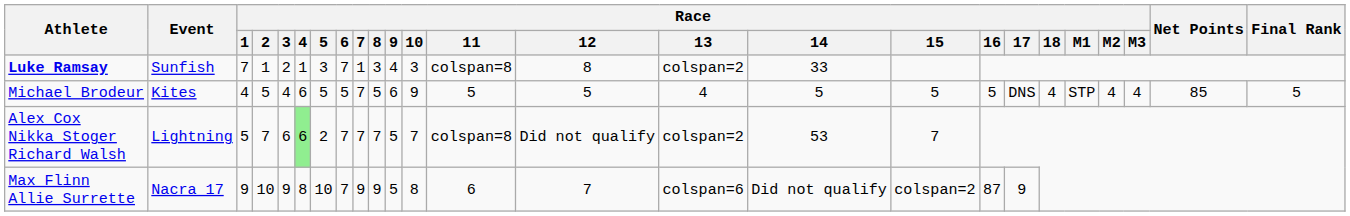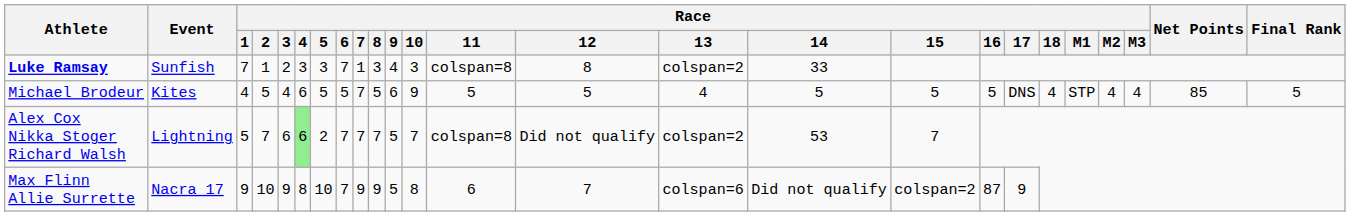 <table class="wikitable" style="font-size:90%">
 <tr>
 <th rowspan=2>Athlete</th>
 <th rowspan=2>Event</th>
 <th colspan=21>Race</th>
 <th rowspan=2>Net Points</th>
 <th rowspan=2>Final Rank</th>
 </tr>
 <tr>
 <th>1</th>
 <th>2</th>
 <th>3</th>
 <th>4</th>
 <th>5</th>
 <th>6</th>
 <th>7</th>
 <th>8</th>
 <th>9</th>
 <th>10</th>
 <th>11</th>
 <th>12</th>
 <th>13</th>
 <th>14</th>
 <th>15</th>
 <th>16</th>
 <th>17</th>
 <th>18</th>
 <th>M1</th>
 <th>M2</th>
 <th>M3</th>
 </tr>
 <tr align=center>
 <td align=left><strong><a href='#'>Luke Ramsay</a></strong></td>
 <td align=left><a href='#'>Sunfish</a></td>
 <td>7</td>
 <td>1</td>
 <td>2</td>
-<td>1</td>
+<td>3</td>
 <td>3</td>
 <td>7</td>
 <td>1</td>
 <td>3</td>
 <td>4</td>
 <td>3</td>
 <td>colspan=8 </td>
 <td>8</td>
 <td>colspan=2 </td>
 <td>33</td>
 <td></td>
 </tr>
 <tr align=center>
 <td align=left><a href='#'>Michael Brodeur</a></td>
 <td align=left><a href='#'>Kites</a></td>
 <td>4</td>
 <td>5</td>
 <td>4</td>
 <td>6</td>
 <td>5</td>
 <td>5</td>
 <td>7</td>
 <td>5</td>
 <td>6</td>
 <td>9</td>
 <td>5</td>
 <td>5</td>
 <td>4</td>
 <td>5</td>
 <td>5</td>
 <td>5</td>
 <td>DNS</td>
 <td>4</td>
 <td>STP</td>
 <td>4</td>
 <td>4</td>
 <td>85</td>
 <td>5</td>
 </tr>
 <tr align=center>
 <td align=left><a href='#'>Alex Cox</a><br><a href='#'>Nikka Stoger</a><br><a href='#'>Richard Walsh</a></td>
 <td align=left><a href='#'>Lightning</a></td>
 <td>5</td>
 <td>7</td>
 <td>6</td>
 <td style="background: lightgreen;">6</td>
 <td>2</td>
 <td>7</td>
 <td>7</td>
 <td>7</td>
 <td>5</td>
 <td>7</td>
 <td>colspan=8 </td>
 <td>Did not qualify</td>
 <td>colspan=2 </td>
 <td>53</td>
 <td>7</td>
 </tr>
 <tr align=center>
 <td align=left><a href='#'>Max Flinn</a><br><a href='#'>Allie Surrette</a></td>
 <td align=left><a href='#'>Nacra 17</a></td>
 <td>9</td>
 <td>10</td>
 <td>9</td>
 <td>8</td>
 <td>10</td>
 <td>7</td>
 <td>9</td>
 <td>9</td>
 <td>5</td>
 <td>8</td>
 <td>6</td>
 <td>7</td>
 <td>colspan=6 </td>
 <td>Did not qualify</td>
 <td>colspan=2 </td>
 <td>87</td>
 <td>9</td>
 </tr>
 </table>
